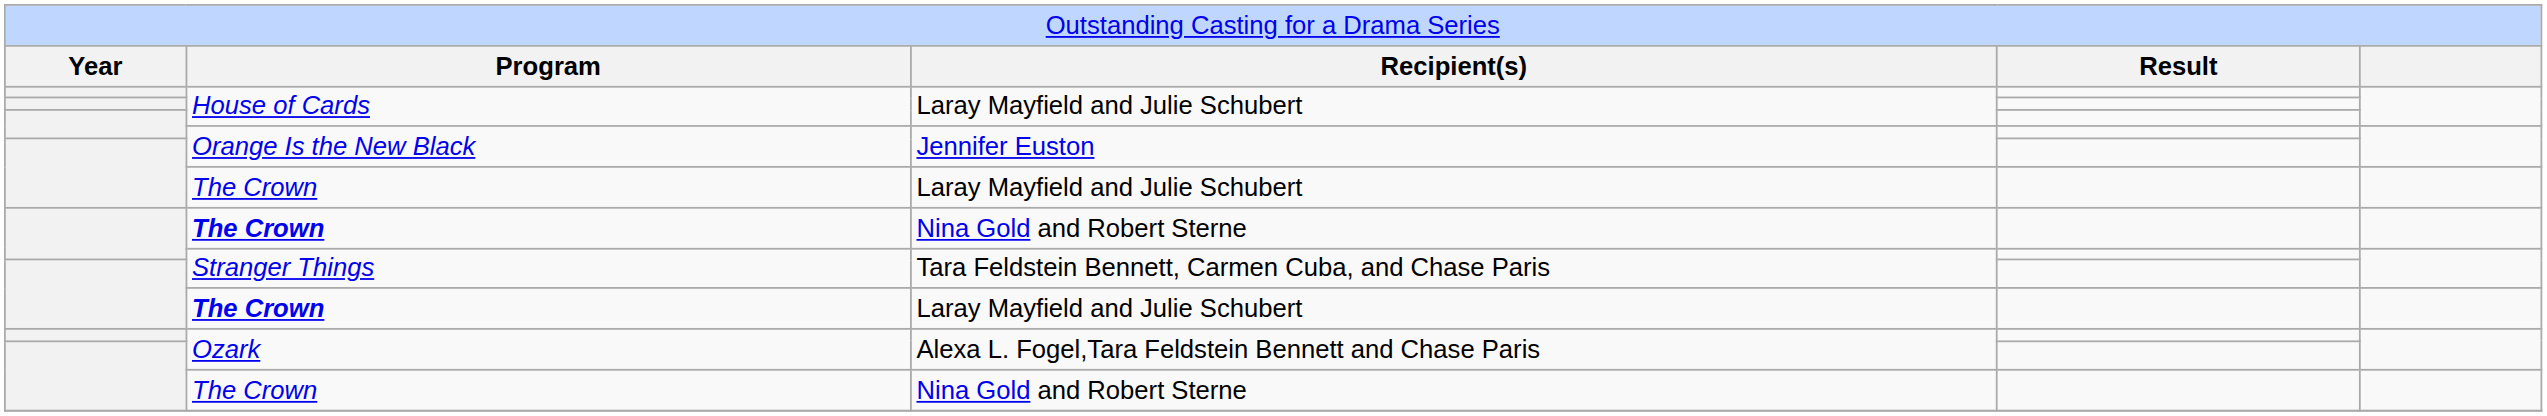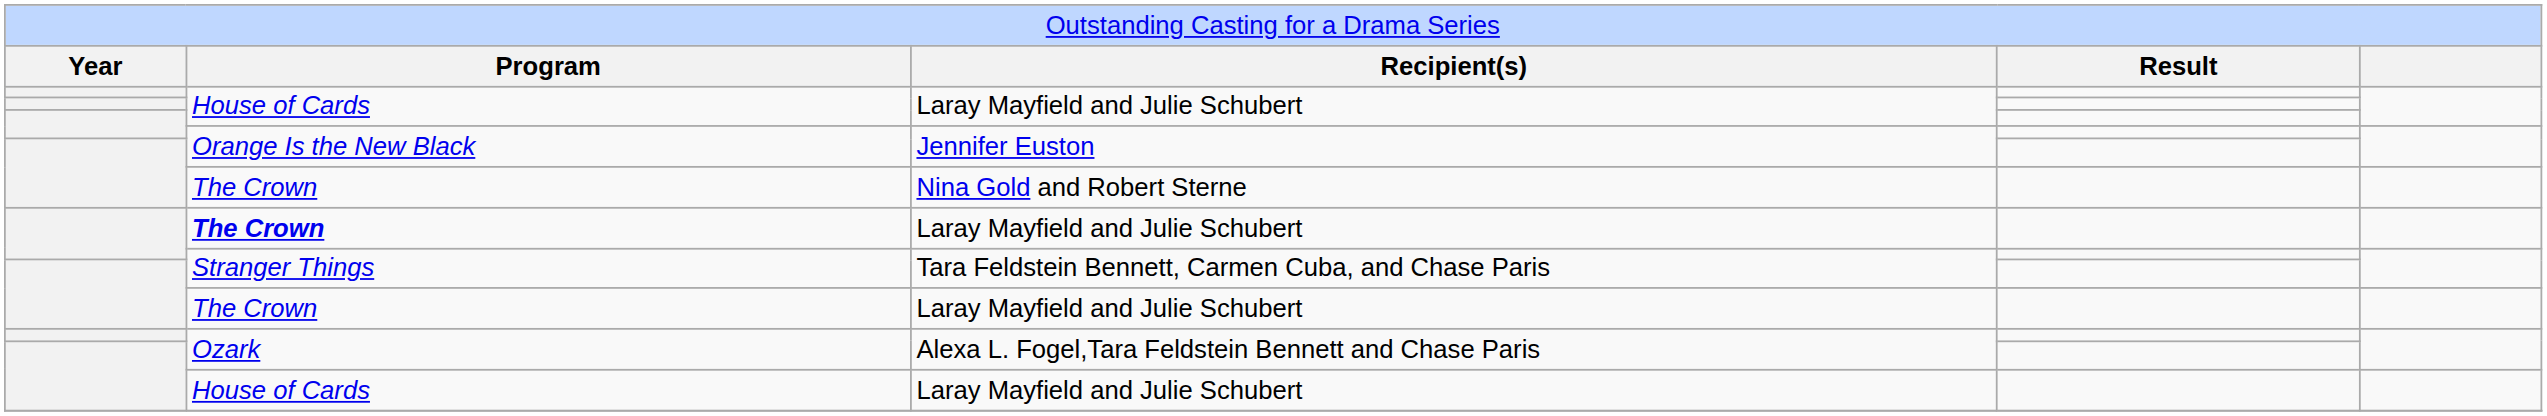 <table class="wikitable plainrowheaders" style="font-size: 90%" width=90%>
 <tr ---- bgcolor="#bfd7ff">
 <td colspan=6 align=center><a href='#'>Outstanding Casting for a Drama Series</a></td>
 </tr>
 <tr ---- bgcolor="#ebf5ff">
 <th width="5%">Year</th>
 <th width="20%">Program</th>
 <th width="30%">Recipient(s)</th>
 <th width="10%">Result</th>
 <th width="5%"></th>
 </tr>
 <tr>
 <th scope=row></th>
 <td rowspan="3"><em><a href='#'>House of Cards</a></em></td>
 <td rowspan="3">Laray Mayfield and Julie Schubert</td>
 <td></td>
 <td rowspan="3"></td>
 </tr>
 <tr>
 <th scope=row></th>
 <td></td>
 </tr>
 <tr>
 <th rowspan="2" scope=row></th>
 <td></td>
 </tr>
 <tr>
 <td rowspan="2"><em><a href='#'>Orange Is the New Black</a></em></td>
 <td rowspan="2"><a href='#'>Jennifer Euston</a></td>
 <td></td>
 <td rowspan="2"></td>
 </tr>
 <tr>
 <th rowspan="2" scope=row></th>
 <td></td>
 </tr>
 <tr>
 <td><em><a href='#'>The Crown</a></em></td>
-<td>Laray Mayfield and Julie Schubert</td>
+<td><a href='#'>Nina Gold</a> and Robert Sterne</td>
 <td></td>
 <td></td>
 </tr>
 <tr>
 <th rowspan="2"scope=row></th>
 <td><strong><em><a href='#'>The Crown</a></em></strong></td>
-<td><a href='#'>Nina Gold</a> and Robert Sterne</td>
+<td>Laray Mayfield and Julie Schubert</td>
 <td></td>
 <td></td>
 </tr>
 <tr>
 <td rowspan="2"><em><a href='#'>Stranger Things</a></em></td>
 <td rowspan="2">Tara Feldstein Bennett, Carmen Cuba, and Chase Paris</td>
 <td></td>
 <td rowspan="2"></td>
 </tr>
 <tr>
 <th rowspan="2"scope=row></th>
 <td></td>
 </tr>
 <tr>
-<td><strong><em><a href='#'>The Crown</a></em></strong></td>
+<td><em><a href='#'>The Crown</a></em></td>
 <td>Laray Mayfield and Julie Schubert</td>
 <td></td>
 <td></td>
 </tr>
 <tr>
 <th scope=row></th>
 <td rowspan="2"><em><a href='#'>Ozark</a></em></td>
 <td rowspan="2">Alexa L. Fogel,Tara Feldstein Bennett and Chase Paris</td>
 <td></td>
 <td rowspan="2"></td>
 </tr>
 <tr>
 <th rowspan="2" scope=row></th>
 <td></td>
 </tr>
 <tr>
-<td><em><a href='#'>The Crown</a></em></td>
-<td><a href='#'>Nina Gold</a> and Robert Sterne</td>
+<td><em><a href='#'>House of Cards</a></em></td>
+<td>Laray Mayfield and Julie Schubert</td>
 <td></td>
 <td></td>
 </tr>
 <tr>
 </tr>
 </table>
